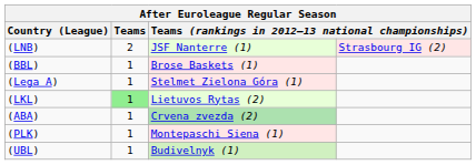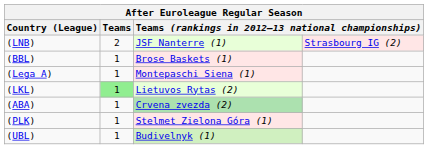 <table class="wikitable">
 <tr>
 <th colspan=7>After Euroleague Regular Season</th>
 </tr>
 <tr>
 <th>Country (League)</th>
 <th>Teams</th>
 <th colspan=5>Teams <em>(rankings in 2012–13 national championships)</em></th>
 </tr>
 <tr>
 <td> (<a href='#'>LNB</a>)</td>
 <td align=center>2</td>
 <td style="background:#E8FFD8;"><a href='#'>JSF Nanterre</a> <em>(1)</em></td>
 <td style="background:#FFE6E6;"><a href='#'>Strasbourg IG</a> <em>(2)</em></td>
 </tr>
 <tr>
 <td> (<a href='#'>BBL</a>)</td>
 <td align=center>1</td>
 <td style="background:#FFE6E6;"><a href='#'>Brose Baskets</a> <em>(1)</em></td>
 <td></td>
 </tr>
 <tr>
 <td> (<a href='#'>Lega A</a>)</td>
 <td align=center>1</td>
-<td style="background:#FFE6E6;"><a href='#'>Stelmet Zielona Góra</a> <em>(1)</em></td>
+<td style="background:#FFE6E6;"><a href='#'>Montepaschi Siena</a> <em>(1)</em></td>
 <td></td>
 </tr>
 <tr>
 <td> (<a href='#'>LKL</a>)</td>
 <td align=center style="background: lightgreen;">1</td>
 <td style="background:#E8FFD8;"><a href='#'>Lietuvos Rytas</a> <em>(2)</em></td>
 <td></td>
 </tr>
 <tr>
 <td> (<a href='#'>ABA</a>)</td>
 <td align=center>1</td>
 <td style="background:#ACE1AF"><a href='#'>Crvena zvezda</a> <em>(2)</em></td>
 <td></td>
 </tr>
 <tr>
 <td> (<a href='#'>PLK</a>)</td>
 <td align=center>1</td>
-<td style="background:#FFE6E6;"><a href='#'>Montepaschi Siena</a> <em>(1)</em></td>
+<td style="background:#FFE6E6;"><a href='#'>Stelmet Zielona Góra</a> <em>(1)</em></td>
 <td></td>
 </tr>
 <tr>
 <td> (<a href='#'>UBL</a>)</td>
 <td align=center>1</td>
 <td style="background:#D0F0C0"><a href='#'>Budivelnyk</a> <em>(1)</em></td>
 <td></td>
 </tr>
 </table>
